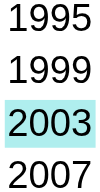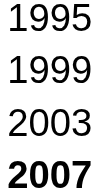 <table>
 <tr>
 <td>1995</td>
 <td></td>
 <td></td>
 <td><br></td>
 </tr>
 <tr>
 <td>1999</td>
 <td></td>
 <td></td>
 <td><br></td>
 </tr>
 <tr>
-<td style="background: paleturquoise;">2003</td>
+<td>2003</td>
 <td></td>
 <td></td>
 <td><br></td>
 </tr>
 <tr>
-<td>2007</td>
+<td><strong>2007</strong></td>
 <td></td>
 <td></td>
 <td><br></td>
 </tr>
 </table>
